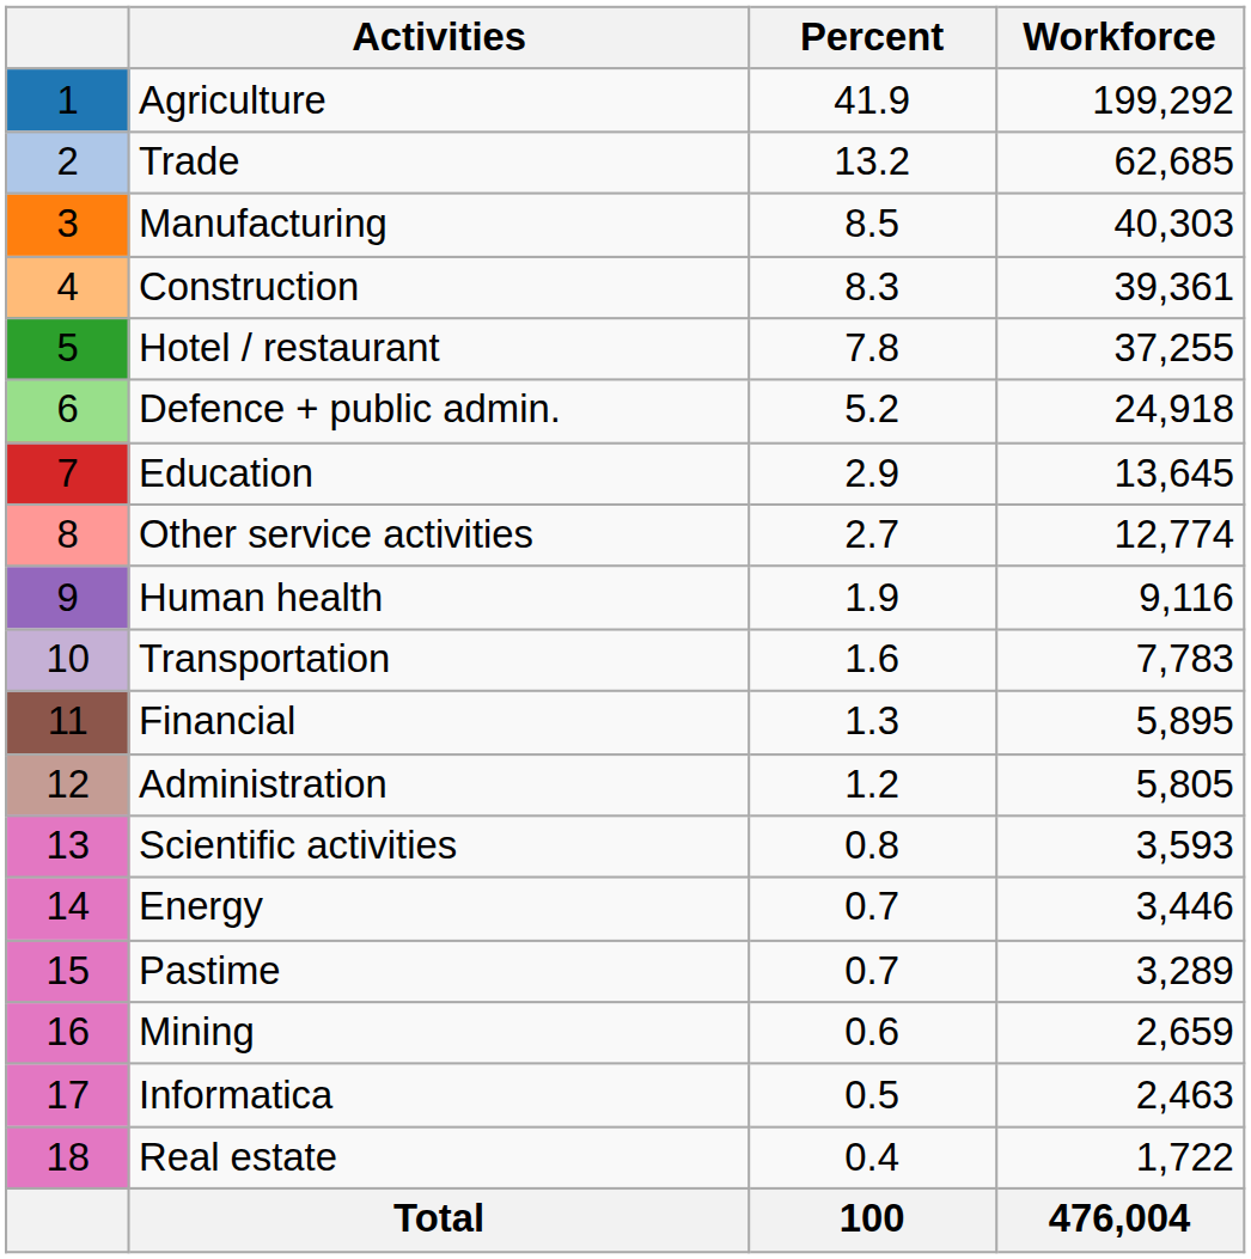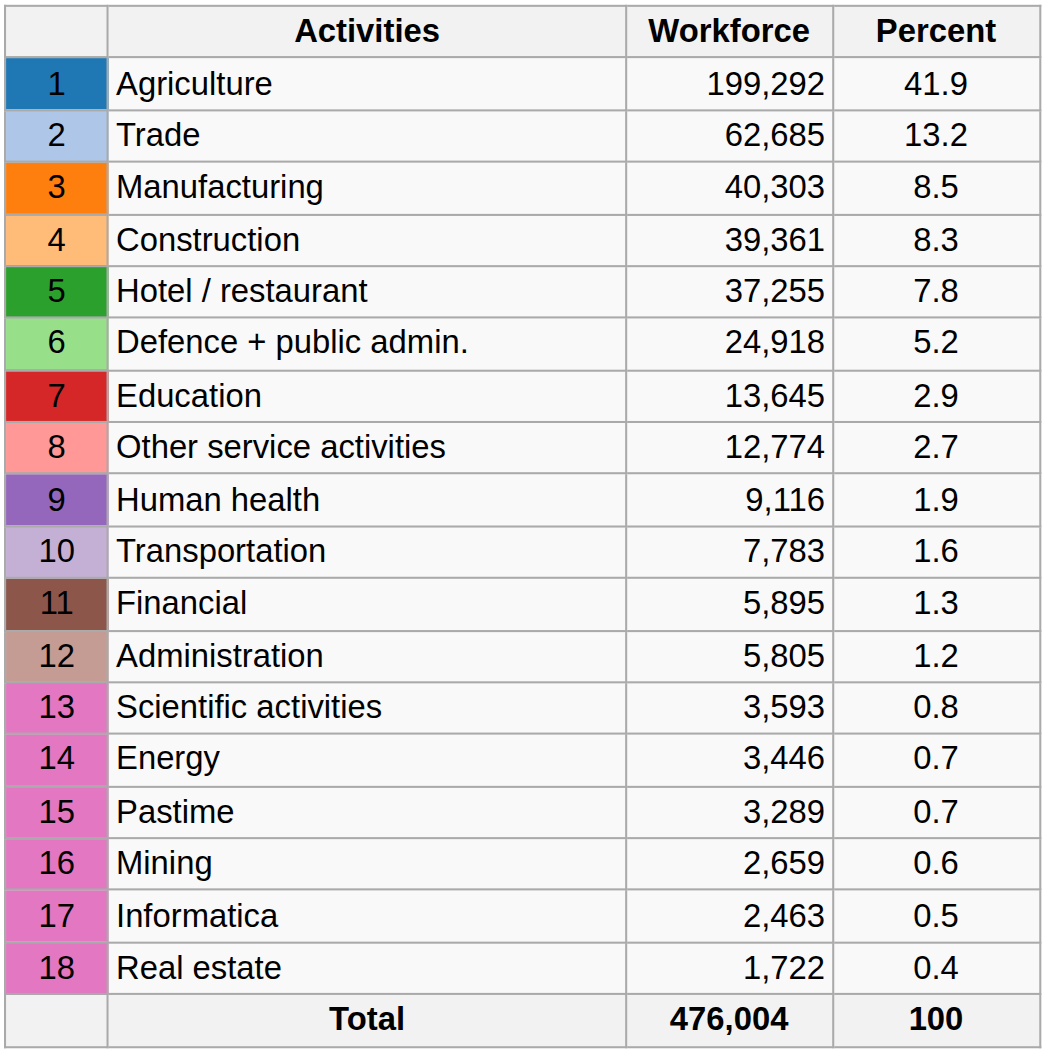 <table class="wikitable" style="width:40%; display:inline-table;">
 <tr>
 <th style="width:10%;"> </th>
 <th style="width:50%;">Activities</th>
+<th style="width:20%;">Workforce</th>
 <th style="width:20%;">Percent</th>
-<th style="width:20%;">Workforce</th>
 </tr>
 <tr>
 <td style="text-align:center; background:#1f77b4;">1</td>
 <td>Agriculture</td>
+<td style="text-align:right;">199,292</td>
 <td style="text-align:center;">41.9</td>
-<td style="text-align:right;">199,292</td>
 </tr>
 <tr>
 <td style="text-align:center; background:#aec7e8;">2</td>
 <td>Trade</td>
+<td style="text-align:right;">62,685</td>
 <td style="text-align:center;">13.2</td>
-<td style="text-align:right;">62,685</td>
 </tr>
 <tr>
 <td style="text-align:center; background:#ff7f0e;">3</td>
 <td>Manufacturing</td>
+<td style="text-align:right;">40,303</td>
 <td style="text-align:center;">8.5</td>
-<td style="text-align:right;">40,303</td>
 </tr>
 <tr>
 <td style="text-align:center; background:#ffbb78;">4</td>
 <td>Construction</td>
+<td style="text-align:right;">39,361</td>
 <td style="text-align:center;">8.3</td>
-<td style="text-align:right;">39,361</td>
 </tr>
 <tr>
 <td style="text-align:center; background:#2ca02c;">5</td>
 <td>Hotel / restaurant</td>
+<td style="text-align:right;">37,255</td>
 <td style="text-align:center;">7.8</td>
-<td style="text-align:right;">37,255</td>
 </tr>
 <tr>
 <td style="text-align:center; background:#98df8a;">6</td>
 <td>Defence + public admin.</td>
+<td style="text-align:right;">24,918</td>
 <td style="text-align:center;">5.2</td>
-<td style="text-align:right;">24,918</td>
 </tr>
 <tr>
 <td style="text-align:center; background:#d62728;">7</td>
 <td>Education</td>
+<td style="text-align:right;">13,645</td>
 <td style="text-align:center;">2.9</td>
-<td style="text-align:right;">13,645</td>
 </tr>
 <tr>
 <td style="text-align:center; background:#ff9896;">8</td>
 <td>Other service activities</td>
+<td style="text-align:right;">12,774</td>
 <td style="text-align:center;">2.7</td>
-<td style="text-align:right;">12,774</td>
 </tr>
 <tr>
 <td style="text-align:center; background:#9467bd;">9</td>
 <td>Human health</td>
+<td style="text-align:right;">9,116</td>
 <td style="text-align:center;">1.9</td>
-<td style="text-align:right;">9,116</td>
 </tr>
 <tr>
 <td style="text-align:center; background:#c5b0d5;">10</td>
 <td>Transportation</td>
+<td style="text-align:right;">7,783</td>
 <td style="text-align:center;">1.6</td>
-<td style="text-align:right;">7,783</td>
 </tr>
 <tr>
 <td style="text-align:center; background:#8c564b;">11</td>
 <td>Financial</td>
+<td style="text-align:right;">5,895</td>
 <td style="text-align:center;">1.3</td>
-<td style="text-align:right;">5,895</td>
 </tr>
 <tr>
 <td style="text-align:center; background:#c49c94;">12</td>
 <td>Administration</td>
+<td style="text-align:right;">5,805</td>
 <td style="text-align:center;">1.2</td>
-<td style="text-align:right;">5,805</td>
 </tr>
 <tr>
 <td style="text-align:center; background:#e377c2;">13</td>
 <td>Scientific activities</td>
+<td style="text-align:right;">3,593</td>
 <td style="text-align:center;">0.8</td>
-<td style="text-align:right;">3,593</td>
 </tr>
 <tr>
 <td style="text-align:center; background:#e377c2;">14</td>
 <td>Energy</td>
+<td style="text-align:right;">3,446</td>
 <td style="text-align:center;">0.7</td>
-<td style="text-align:right;">3,446</td>
 </tr>
 <tr>
 <td style="text-align:center; background:#e377c2;">15</td>
 <td>Pastime</td>
+<td style="text-align:right;">3,289</td>
 <td style="text-align:center;">0.7</td>
-<td style="text-align:right;">3,289</td>
 </tr>
 <tr>
 <td style="text-align:center; background:#e377c2;">16</td>
 <td>Mining</td>
+<td style="text-align:right;">2,659</td>
 <td style="text-align:center;">0.6</td>
-<td style="text-align:right;">2,659</td>
 </tr>
 <tr>
 <td style="text-align:center; background:#e377c2;">17</td>
 <td>Informatica</td>
+<td style="text-align:right;">2,463</td>
 <td style="text-align:center;">0.5</td>
-<td style="text-align:right;">2,463</td>
 </tr>
 <tr>
 <td style="text-align:center; background:#e377c2;">18</td>
 <td>Real estate</td>
+<td style="text-align:right;">1,722</td>
 <td style="text-align:center;">0.4</td>
-<td style="text-align:right;">1,722</td>
 </tr>
 <tr>
 <th> </th>
 <th>Total</th>
+<th>476,004</th>
 <th>100</th>
-<th>476,004</th>
 </tr>
 </table>
